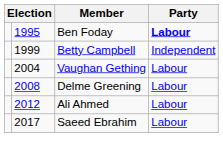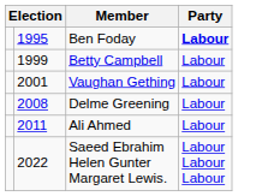 <table class="wikitable">
 <tr>
 <th colspan="2">Election</th>
 <th>Member</th>
 <th>Party</th>
 </tr>
 <tr>
 <td style="background-color: "></td>
 <td><a href='#'>1995</a></td>
 <td>Ben Foday</td>
 <td><strong><a href='#'>Labour</a></strong></td>
 </tr>
 <tr>
 <td style="background-color: "></td>
 <td>1999</td>
 <td><a href='#'>Betty Campbell</a></td>
-<td><a href='#'>Independent</a></td>
+<td><a href='#'>Labour</a></td>
 </tr>
 <tr>
 <td style="background-color: "></td>
-<td>2004</td>
+<td>2001</td>
 <td><a href='#'>Vaughan Gething</a></td>
 <td><a href='#'>Labour</a></td>
 </tr>
 <tr>
 <td style="background-color: "></td>
 <td><a href='#'>2008</a></td>
 <td>Delme Greening</td>
 <td><a href='#'>Labour</a></td>
 </tr>
 <tr>
 <td style="background-color: "></td>
-<td><a href='#'>2012</a></td>
+<td><a href='#'>2011</a></td>
 <td>Ali Ahmed</td>
 <td><a href='#'>Labour</a></td>
 </tr>
 <tr>
 <td style="background-color: "></td>
-<td>2017</td>
-<td>Saeed Ebrahim </td>
-<td><a href='#'>Labour</a></td>
+<td>2022</td>
+<td>Saeed Ebrahim<br>Helen Gunter<br>Margaret Lewis.</td>
+<td><a href='#'>Labour</a><br><a href='#'>Labour</a><br><a href='#'>Labour</a></td>
 </tr>
 </table>
